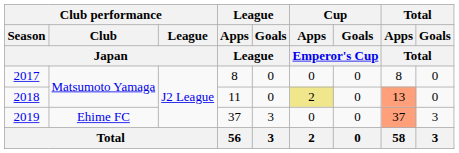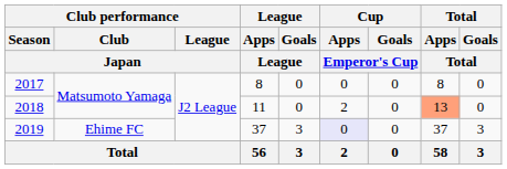 <table class="wikitable" style="text-align:center;">
 <tr>
 <th colspan=3>Club performance</th>
 <th colspan=2>League</th>
 <th colspan=2>Cup</th>
 <th colspan=2>Total</th>
 </tr>
 <tr>
 <th>Season</th>
 <th>Club</th>
 <th>League</th>
 <th>Apps</th>
 <th>Goals</th>
 <th>Apps</th>
 <th>Goals</th>
 <th>Apps</th>
 <th>Goals</th>
 </tr>
 <tr>
 <th colspan=3>Japan</th>
 <th colspan=2>League</th>
 <th colspan=2><a href='#'>Emperor's Cup</a></th>
 <th colspan=2>Total</th>
 </tr>
 <tr>
 <td><a href='#'>2017</a></td>
 <td rowspan="2"><a href='#'>Matsumoto Yamaga</a></td>
 <td rowspan="3"><a href='#'>J2 League</a></td>
 <td>8</td>
 <td>0</td>
 <td>0</td>
 <td>0</td>
 <td>8</td>
 <td>0</td>
 </tr>
 <tr>
 <td><a href='#'>2018</a></td>
 <td>11</td>
 <td>0</td>
-<td style="background: khaki;">2</td>
+<td>2</td>
 <td>0</td>
 <td style="background: lightsalmon;">13</td>
 <td>0</td>
 </tr>
 <tr>
 <td><a href='#'>2019</a></td>
 <td><a href='#'>Ehime FC</a></td>
 <td>37</td>
 <td>3</td>
+<td style="background: lavender;">0</td>
 <td>0</td>
-<td>0</td>
-<td style="background: lightsalmon;">37</td>
+<td>37</td>
 <td>3</td>
 </tr>
 <tr>
 <th colspan=3>Total</th>
 <th>56</th>
 <th>3</th>
 <th>2</th>
 <th>0</th>
 <th>58</th>
 <th>3</th>
 </tr>
 </table>
